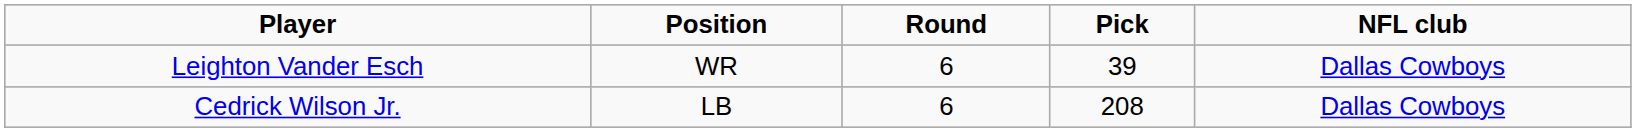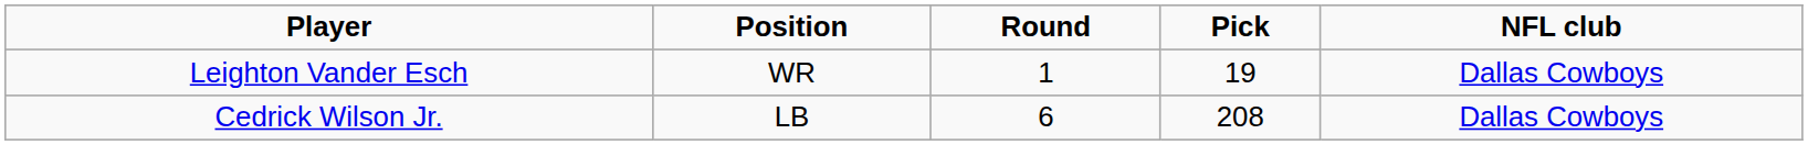 <table class="wikitable" width="80%">
 <tr align="center">
 <td><strong>Player</strong></td>
 <td><strong>Position</strong></td>
 <td><strong>Round</strong></td>
 <td><strong>Pick</strong></td>
 <td><strong>NFL club</strong></td>
 </tr>
 <tr align="center" bgcolor="">
 <td><a href='#'>Leighton Vander Esch</a></td>
 <td>WR</td>
-<td>6</td>
-<td>39</td>
+<td>1</td>
+<td>19</td>
 <td><a href='#'>Dallas Cowboys</a></td>
 </tr>
 <tr align="center" bgcolor="">
 <td><a href='#'>Cedrick Wilson Jr.</a></td>
 <td>LB</td>
 <td>6</td>
 <td>208</td>
 <td><a href='#'>Dallas Cowboys</a></td>
 </tr>
 </table>
